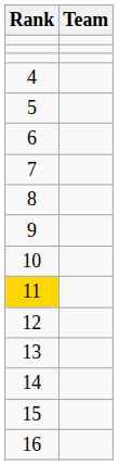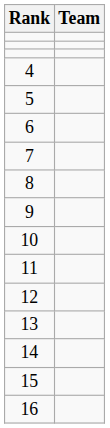 <table class="wikitable" style="text-align:center">
 <tr>
 <th>Rank</th>
 <th>Team</th>
 </tr>
 <tr>
 <td></td>
 <td align=left></td>
 </tr>
 <tr>
 <td></td>
 <td align=left></td>
 </tr>
 <tr>
 <td></td>
 <td align=left></td>
 </tr>
 <tr>
 <td>4</td>
 <td align=left></td>
 </tr>
 <tr>
 <td>5</td>
 <td align=left></td>
 </tr>
 <tr>
 <td>6</td>
 <td align=left></td>
 </tr>
 <tr>
 <td>7</td>
 <td align=left></td>
 </tr>
 <tr>
 <td>8</td>
 <td align=left></td>
 </tr>
 <tr>
 <td>9</td>
 <td align=left></td>
 </tr>
 <tr>
 <td>10</td>
 <td align=left></td>
 </tr>
 <tr>
-<td style="background: gold;">11</td>
+<td>11</td>
 <td align=left></td>
 </tr>
 <tr>
 <td>12</td>
 <td align=left></td>
 </tr>
 <tr>
 <td>13</td>
 <td align=left></td>
 </tr>
 <tr>
 <td>14</td>
 <td align=left></td>
 </tr>
 <tr>
 <td>15</td>
 <td align=left></td>
 </tr>
 <tr>
 <td>16</td>
 <td align=left></td>
 </tr>
 </table>
